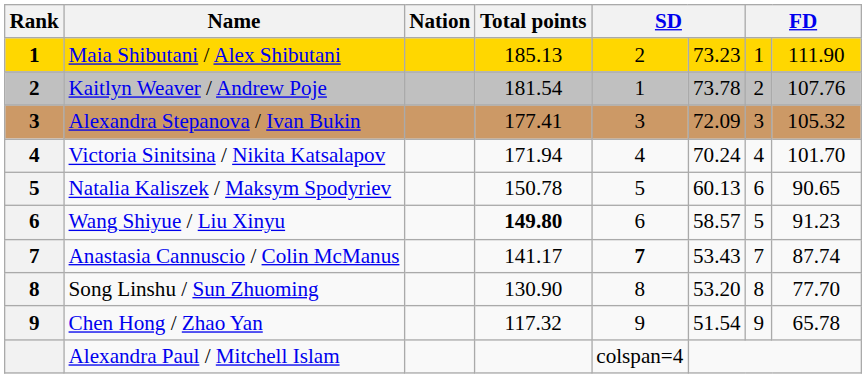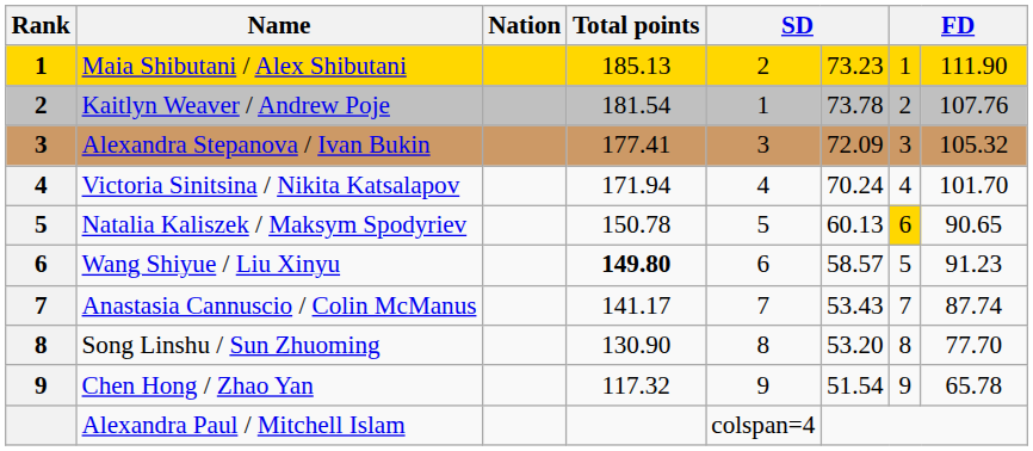 <table class="wikitable sortable">
 <tr>
 <th>Rank</th>
 <th>Name</th>
 <th>Nation</th>
 <th>Total points</th>
 <th colspan="2" width="80px"><a href='#'>SD</a></th>
 <th colspan="2" width="80px"><a href='#'>FD</a></th>
 </tr>
 <tr bgcolor="gold">
 <td align="center"><strong>1</strong></td>
 <td><a href='#'>Maia Shibutani</a> / <a href='#'>Alex Shibutani</a></td>
 <td></td>
 <td align="center">185.13</td>
 <td align="center">2</td>
 <td align="center">73.23</td>
 <td align="center">1</td>
 <td align="center">111.90</td>
 </tr>
 <tr bgcolor="silver">
 <td align="center"><strong>2</strong></td>
 <td><a href='#'>Kaitlyn Weaver</a> / <a href='#'>Andrew Poje</a></td>
 <td></td>
 <td align="center">181.54</td>
 <td align="center">1</td>
 <td align="center">73.78</td>
 <td align="center">2</td>
 <td align="center">107.76</td>
 </tr>
 <tr bgcolor="cc9966">
 <td align="center"><strong>3</strong></td>
 <td><a href='#'>Alexandra Stepanova</a> / <a href='#'>Ivan Bukin</a></td>
 <td></td>
 <td align="center">177.41</td>
 <td align="center">3</td>
 <td align="center">72.09</td>
 <td align="center">3</td>
 <td align="center">105.32</td>
 </tr>
 <tr>
 <th>4</th>
 <td><a href='#'>Victoria Sinitsina</a> / <a href='#'>Nikita Katsalapov</a></td>
 <td></td>
 <td align="center">171.94</td>
 <td align="center">4</td>
 <td align="center">70.24</td>
 <td align="center">4</td>
 <td align="center">101.70</td>
 </tr>
 <tr>
 <th>5</th>
 <td><a href='#'>Natalia Kaliszek</a> / <a href='#'>Maksym Spodyriev</a></td>
 <td></td>
 <td align="center">150.78</td>
 <td align="center">5</td>
 <td align="center">60.13</td>
-<td align="center">6</td>
+<td align="center" style="background: gold;">6</td>
 <td align="center">90.65</td>
 </tr>
 <tr>
 <th>6</th>
 <td><a href='#'>Wang Shiyue</a> / <a href='#'>Liu Xinyu</a></td>
 <td></td>
 <td align="center"><strong>149.80</strong></td>
 <td align="center">6</td>
 <td align="center">58.57</td>
 <td align="center">5</td>
 <td align="center">91.23</td>
 </tr>
 <tr>
 <th>7</th>
 <td><a href='#'>Anastasia Cannuscio</a> / <a href='#'>Colin McManus</a></td>
 <td></td>
 <td align="center">141.17</td>
-<td align="center"><strong>7</strong></td>
+<td align="center">7</td>
 <td align="center">53.43</td>
 <td align="center">7</td>
 <td align="center">87.74</td>
 </tr>
 <tr>
 <th>8</th>
 <td>Song Linshu / <a href='#'>Sun Zhuoming</a></td>
 <td></td>
 <td align="center">130.90</td>
 <td align="center">8</td>
 <td align="center">53.20</td>
 <td align="center">8</td>
 <td align="center">77.70</td>
 </tr>
 <tr>
 <th>9</th>
 <td><a href='#'>Chen Hong</a> / <a href='#'>Zhao Yan</a></td>
 <td></td>
 <td align="center">117.32</td>
 <td align="center">9</td>
 <td align="center">51.54</td>
 <td align="center">9</td>
 <td align="center">65.78</td>
 </tr>
 <tr>
 <th></th>
 <td><a href='#'>Alexandra Paul</a> / <a href='#'>Mitchell Islam</a></td>
 <td></td>
 <td></td>
 <td>colspan=4 </td>
 </tr>
 </table>
